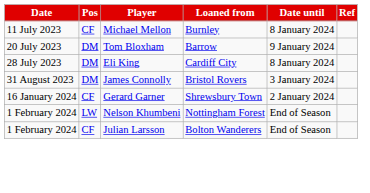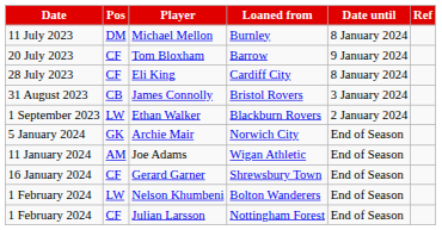 <table class="wikitable plainrowheaders sortable">
 <tr>
 <th style="background:#E00000; color:#ffffff; ">Date</th>
 <th style="background:#E00000; color:#ffffff; ">Pos</th>
 <th style="background:#E00000; color:#ffffff; ">Player</th>
 <th style="background:#E00000; color:#ffffff; ">Loaned from</th>
 <th style="background:#E00000; color:#ffffff; ">Date until</th>
 <th style="background:#E00000; color:#ffffff; ">Ref</th>
 </tr>
 <tr>
 <td>11 July 2023</td>
-<td><a href='#'>CF</a></td>
+<td><a href='#'>DM</a></td>
 <td> <a href='#'>Michael Mellon</a></td>
 <td> <a href='#'>Burnley</a></td>
 <td>8 January 2024</td>
 <td></td>
 </tr>
 <tr>
 <td>20 July 2023</td>
-<td><a href='#'>DM</a></td>
+<td><a href='#'>CF</a></td>
 <td> <a href='#'>Tom Bloxham</a></td>
 <td> <a href='#'>Barrow</a></td>
 <td>9 January 2024</td>
 <td></td>
 </tr>
 <tr>
 <td>28 July 2023</td>
-<td><a href='#'>DM</a></td>
+<td><a href='#'>CF</a></td>
 <td> <a href='#'>Eli King</a></td>
 <td> <a href='#'>Cardiff City</a></td>
 <td>8 January 2024</td>
 <td></td>
 </tr>
 <tr>
 <td>31 August 2023</td>
-<td><a href='#'>DM</a></td>
+<td><a href='#'>CB</a></td>
 <td> <a href='#'>James Connolly</a></td>
 <td> <a href='#'>Bristol Rovers</a></td>
 <td>3 January 2024</td>
+<td></td>
+</tr>
+<tr>
+<td>1 September 2023</td>
+<td><a href='#'>LW</a></td>
+<td> <a href='#'>Ethan Walker</a></td>
+<td> <a href='#'>Blackburn Rovers</a></td>
+<td>2 January 2024</td>
+<td></td>
+</tr>
+<tr>
+<td>5 January 2024</td>
+<td><a href='#'>GK</a></td>
+<td> <a href='#'>Archie Mair</a></td>
+<td> <a href='#'>Norwich City</a></td>
+<td>End of Season</td>
+<td></td>
+</tr>
+<tr>
+<td>11 January 2024</td>
+<td><a href='#'>AM</a></td>
+<td> Joe Adams</td>
+<td> <a href='#'>Wigan Athletic</a></td>
+<td>End of Season</td>
 <td></td>
 </tr>
 <tr>
 <td>16 January 2024</td>
 <td><a href='#'>CF</a></td>
 <td> <a href='#'>Gerard Garner</a></td>
 <td> <a href='#'>Shrewsbury Town</a></td>
-<td>2 January 2024</td>
+<td>End of Season</td>
 <td></td>
 </tr>
 <tr>
 <td>1 February 2024</td>
 <td><a href='#'>LW</a></td>
 <td> <a href='#'>Nelson Khumbeni</a></td>
-<td> <a href='#'>Nottingham Forest</a></td>
+<td> <a href='#'>Bolton Wanderers</a></td>
 <td>End of Season</td>
 <td></td>
 </tr>
 <tr>
 <td>1 February 2024</td>
 <td><a href='#'>CF</a></td>
 <td> <a href='#'>Julian Larsson</a></td>
-<td> <a href='#'>Bolton Wanderers</a></td>
+<td> <a href='#'>Nottingham Forest</a></td>
 <td>End of Season</td>
 <td></td>
 </tr>
 </table>
